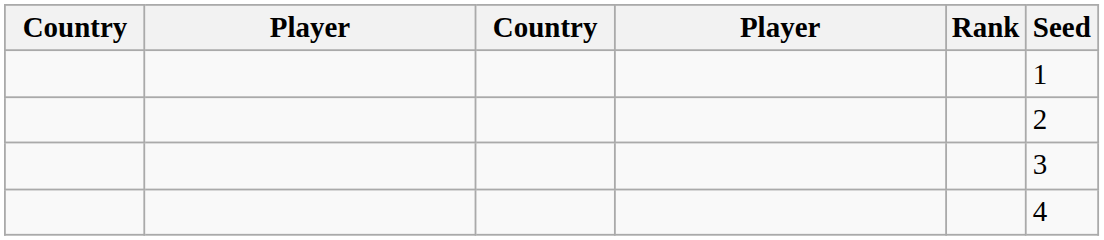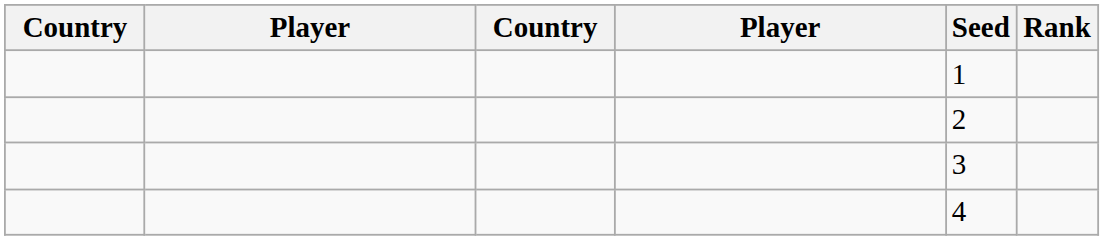 <table class="wikitable">
 <tr>
 <th width="70">Country</th>
 <th width="175">Player</th>
 <th width="70">Country</th>
 <th width="175">Player</th>
+<th>Seed</th>
 <th>Rank</th>
-<th>Seed</th>
 </tr>
 <tr>
 <td></td>
 <td></td>
 <td></td>
 <td></td>
+<td>1</td>
 <td></td>
-<td>1</td>
 </tr>
 <tr>
 <td></td>
 <td></td>
 <td></td>
 <td></td>
+<td>2</td>
 <td></td>
-<td>2</td>
 </tr>
 <tr>
 <td></td>
 <td></td>
 <td></td>
 <td></td>
+<td>3</td>
 <td></td>
-<td>3</td>
 </tr>
 <tr>
 <td></td>
 <td></td>
 <td></td>
 <td></td>
+<td>4</td>
 <td></td>
-<td>4</td>
 </tr>
 </table>
